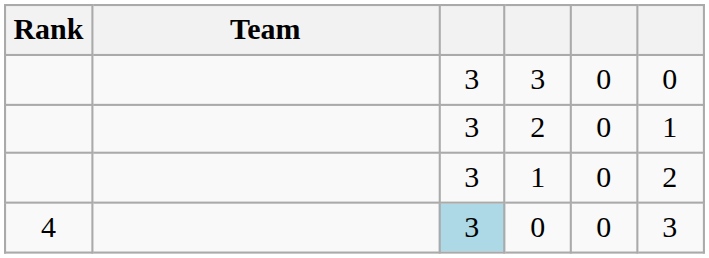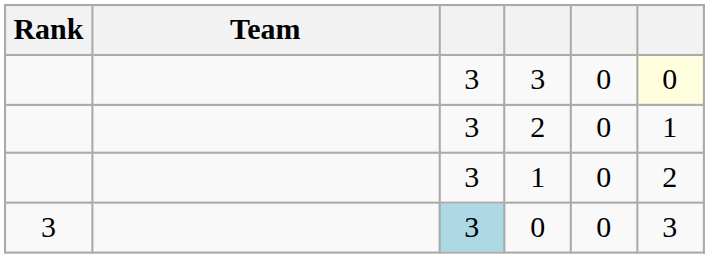 <table class="wikitable" style="text-align: center; font-size:90% ">
 <tr>
 <th width=35>Rank</th>
 <th width=160>Team</th>
 <th width=25></th>
 <th width=25></th>
 <th width=25></th>
 <th width=25></th>
 </tr>
 <tr>
 <td></td>
 <td align=left></td>
 <td>3</td>
 <td>3</td>
 <td>0</td>
-<td>0</td>
+<td style="background: lightyellow;">0</td>
 </tr>
 <tr>
 <td></td>
 <td align=left></td>
 <td>3</td>
 <td>2</td>
 <td>0</td>
 <td>1</td>
 </tr>
 <tr>
 <td></td>
 <td align=left></td>
 <td>3</td>
 <td>1</td>
 <td>0</td>
 <td>2</td>
 </tr>
 <tr>
-<td>4</td>
+<td>3</td>
 <td align=left></td>
 <td style="background: lightblue;">3</td>
 <td>0</td>
 <td>0</td>
 <td>3</td>
 </tr>
 </table>
